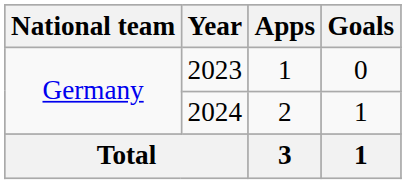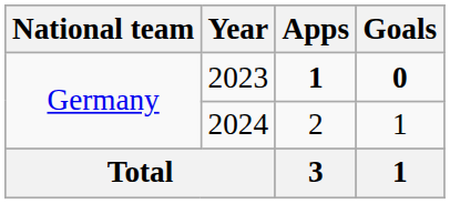 <table class=wikitable style=text-align:center>
 <tr>
 <th>National team</th>
 <th>Year</th>
 <th>Apps</th>
 <th>Goals</th>
 </tr>
 <tr>
 <td rowspan=2><a href='#'>Germany</a></td>
 <td>2023</td>
-<td>1</td>
-<td>0</td>
+<td><strong>1</strong></td>
+<td><strong>0</strong></td>
 </tr>
 <tr>
 <td>2024</td>
 <td>2</td>
 <td>1</td>
 </tr>
 <tr>
 <th colspan="2">Total</th>
 <th>3</th>
 <th>1</th>
 </tr>
 </table>
